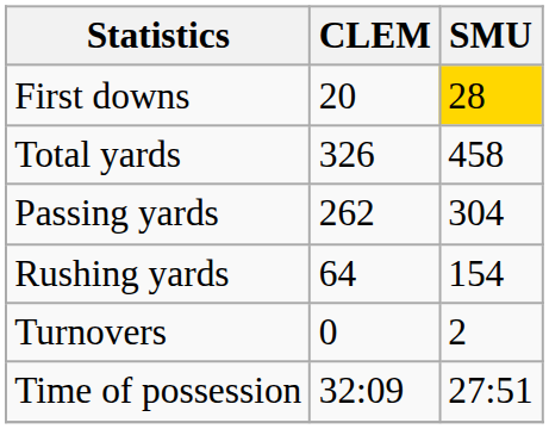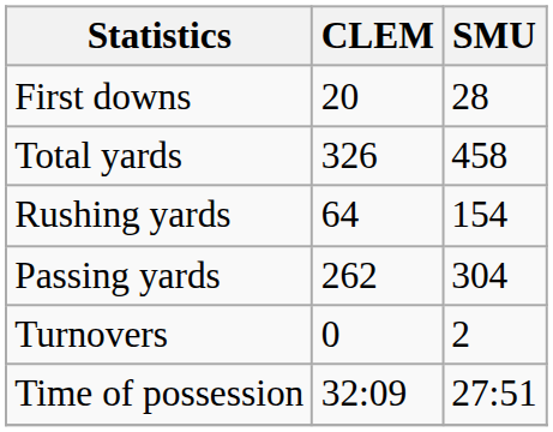 <table class="wikitable" style="float: left;">
 <tr>
 <th>Statistics</th>
 <th>CLEM</th>
 <th>SMU</th>
 </tr>
 <tr>
 <td>First downs</td>
 <td>20</td>
-<td style="background: gold;">28</td>
+<td>28</td>
 </tr>
 <tr>
 <td>Total yards</td>
 <td>326</td>
 <td>458</td>
 </tr>
 <tr>
+<td>Rushing yards</td>
+<td>64</td>
+<td>154</td>
+</tr>
+<tr>
 <td>Passing yards</td>
 <td>262</td>
 <td>304</td>
-</tr>
-<tr>
-<td>Rushing yards</td>
-<td>64</td>
-<td>154</td>
 </tr>
 <tr>
 <td>Turnovers</td>
 <td>0</td>
 <td>2</td>
 </tr>
 <tr>
 <td>Time of possession</td>
 <td>32:09</td>
 <td>27:51</td>
 </tr>
 <tr>
 </tr>
 </table>
